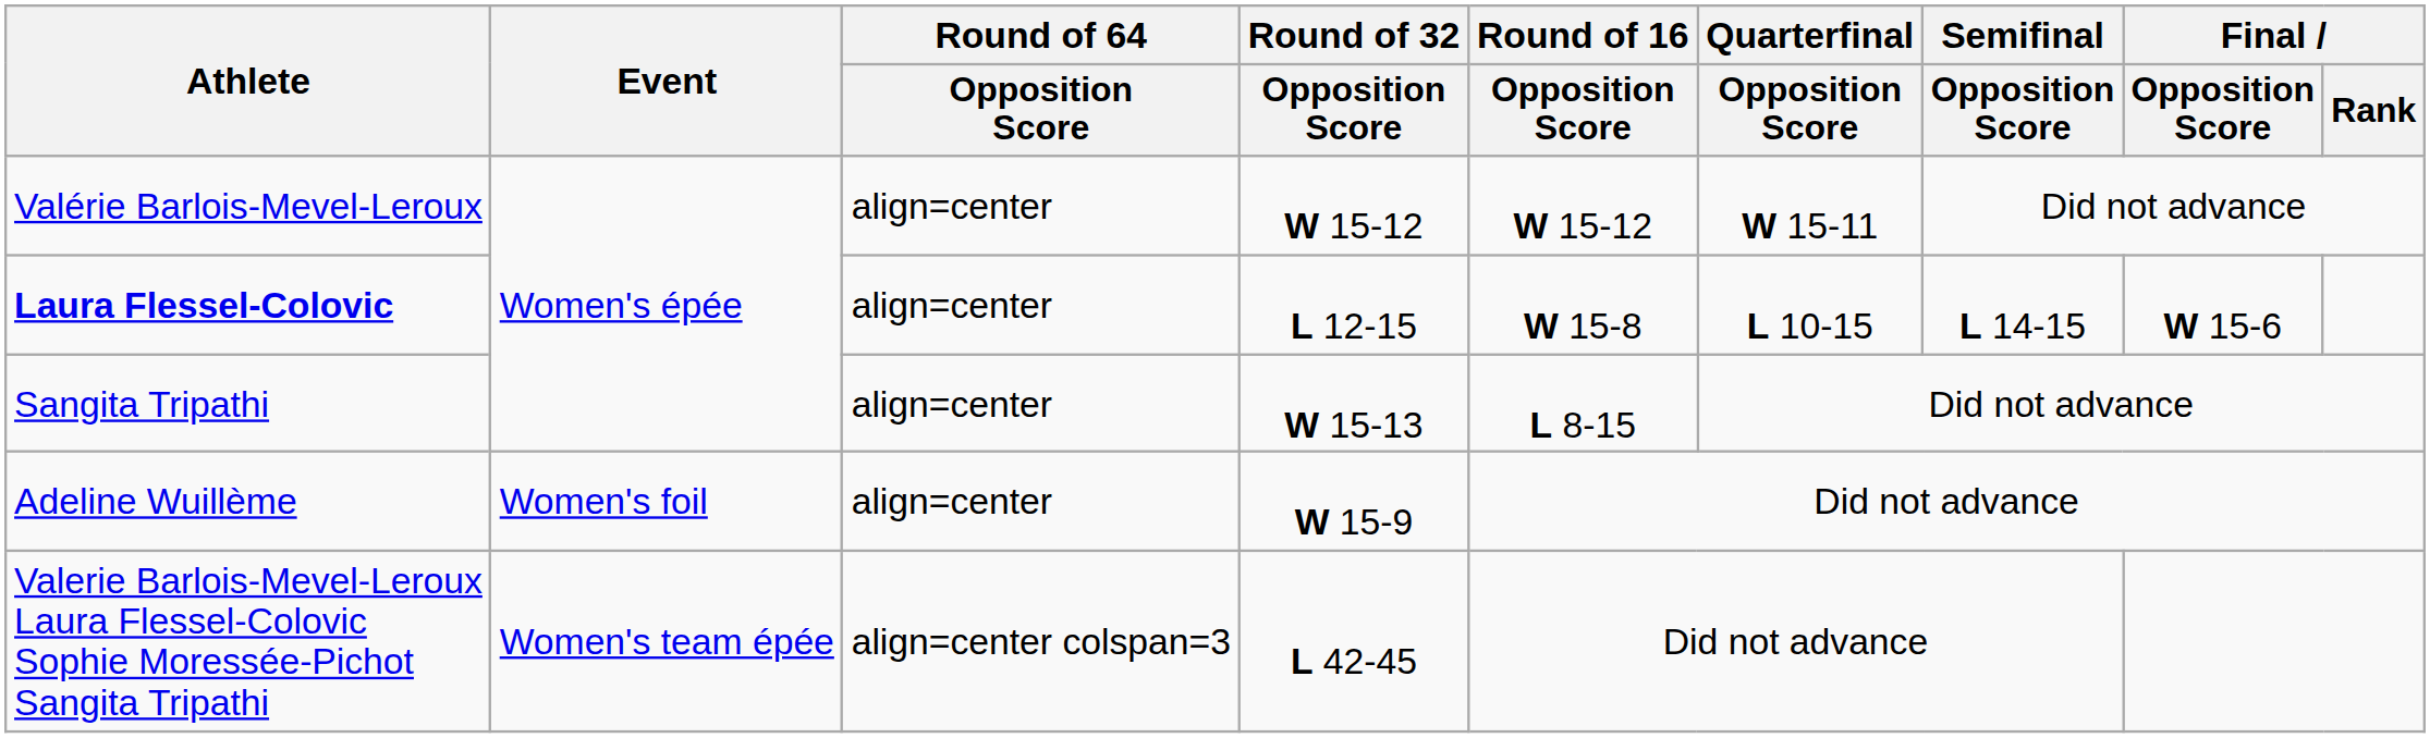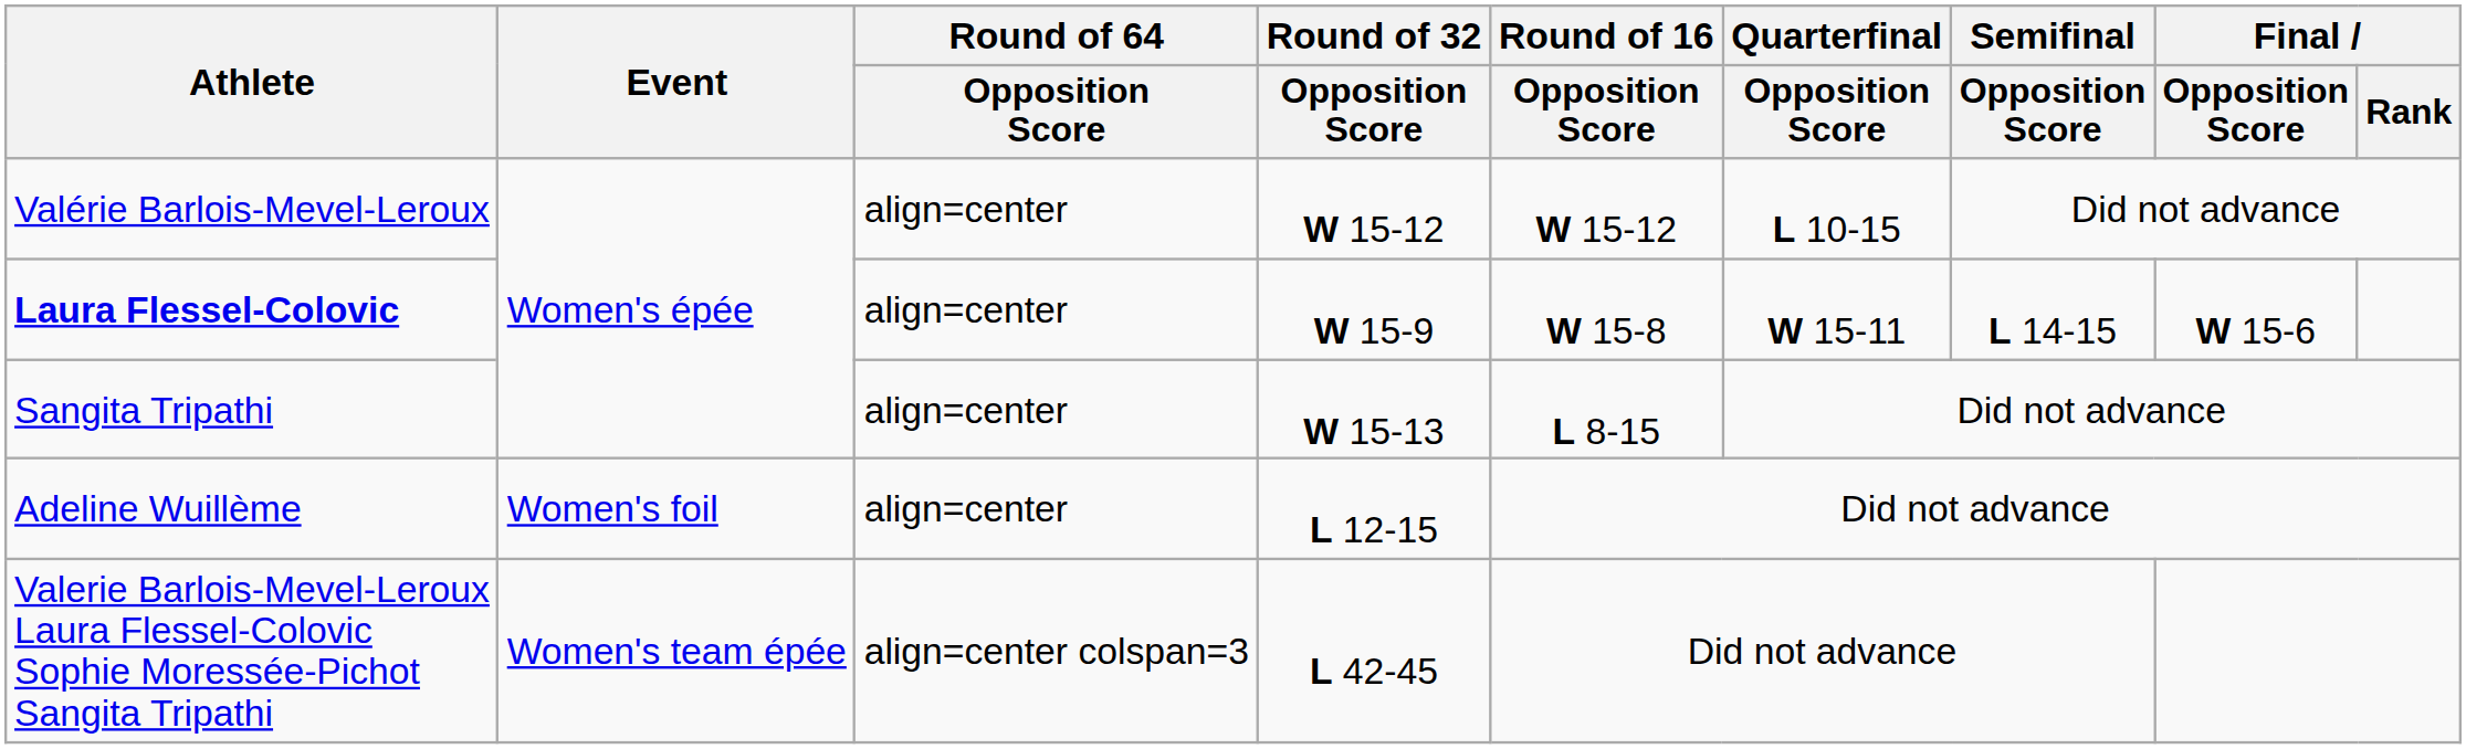 <table class="wikitable" style="font-size:90%">
 <tr>
 <th rowspan="2">Athlete</th>
 <th rowspan="2">Event</th>
 <th>Round of 64</th>
 <th>Round of 32</th>
 <th>Round of 16</th>
 <th>Quarterfinal</th>
 <th>Semifinal</th>
 <th colspan=2>Final / </th>
 </tr>
 <tr style="font-size:95%">
 <th>Opposition <br> Score</th>
 <th>Opposition <br> Score</th>
 <th>Opposition <br> Score</th>
 <th>Opposition <br> Score</th>
 <th>Opposition <br> Score</th>
 <th>Opposition <br> Score</th>
 <th>Rank</th>
 </tr>
 <tr>
 <td align=left><a href='#'>Valérie Barlois-Mevel-Leroux</a></td>
 <td align=left rowspan=3><a href='#'>Women's épée</a></td>
 <td>align=center </td>
 <td align=center><br><strong>W</strong> 15-12</td>
 <td align=center><br><strong>W</strong> 15-12</td>
-<td align=center><br><strong>W</strong> 15-11</td>
+<td align=center><br><strong>L</strong> 10-15</td>
 <td align=center colspan=3>Did not advance</td>
 </tr>
 <tr>
 <td align=left><strong><a href='#'>Laura Flessel-Colovic</a></strong></td>
 <td>align=center </td>
-<td align=center><br><strong>L</strong> 12-15</td>
+<td align=center><br><strong>W</strong> 15-9</td>
 <td align=center><br><strong>W</strong> 15-8</td>
-<td align=center><br><strong>L</strong> 10-15</td>
+<td align=center><br><strong>W</strong> 15-11</td>
 <td align=center><br><strong>L</strong> 14-15</td>
 <td align=center><br><strong>W</strong> 15-6</td>
 <td align=center></td>
 </tr>
 <tr>
 <td align=left><a href='#'>Sangita Tripathi</a></td>
 <td>align=center </td>
 <td align=center><br><strong>W</strong> 15-13</td>
 <td align=center><br><strong>L</strong> 8-15</td>
 <td align=center colspan=4>Did not advance</td>
 </tr>
 <tr>
 <td align=left><a href='#'>Adeline Wuillème</a></td>
 <td align=left><a href='#'>Women's foil</a></td>
 <td>align=center </td>
-<td align=center><br><strong>W</strong> 15-9</td>
+<td align=center><br><strong>L</strong> 12-15</td>
 <td align=center colspan=5>Did not advance</td>
 </tr>
 <tr>
 <td align=left><a href='#'>Valerie Barlois-Mevel-Leroux</a><br> <a href='#'>Laura Flessel-Colovic</a><br> <a href='#'>Sophie Moressée-Pichot</a><br> <a href='#'>Sangita Tripathi</a></td>
 <td align=left><a href='#'>Women's team épée</a></td>
 <td>align=center colspan=3 </td>
 <td align=center><br><strong>L</strong> 42-45</td>
 <td align=center colspan=3>Did not advance</td>
 </tr>
 </table>
